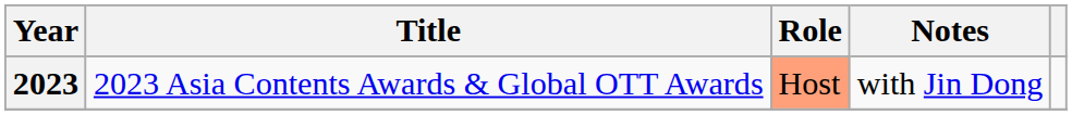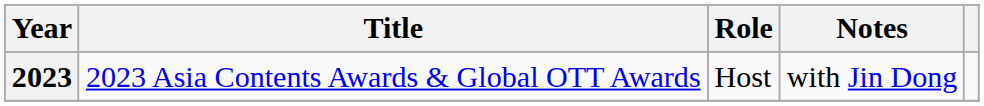 <table class="wikitable sortable plainrowheaders">
 <tr>
 <th scope="col">Year</th>
 <th scope="col">Title</th>
 <th scope="col">Role</th>
 <th scope="col">Notes</th>
 <th scope="col" class="unsortable"></th>
 </tr>
 <tr>
 <th scope="row">2023</th>
 <td><a href='#'>2023 Asia Contents Awards & Global OTT Awards</a></td>
-<td style="background: lightsalmon;">Host</td>
+<td>Host</td>
 <td>with <a href='#'>Jin Dong</a></td>
 <td></td>
 </tr>
 <tr>
 </tr>
 </table>
